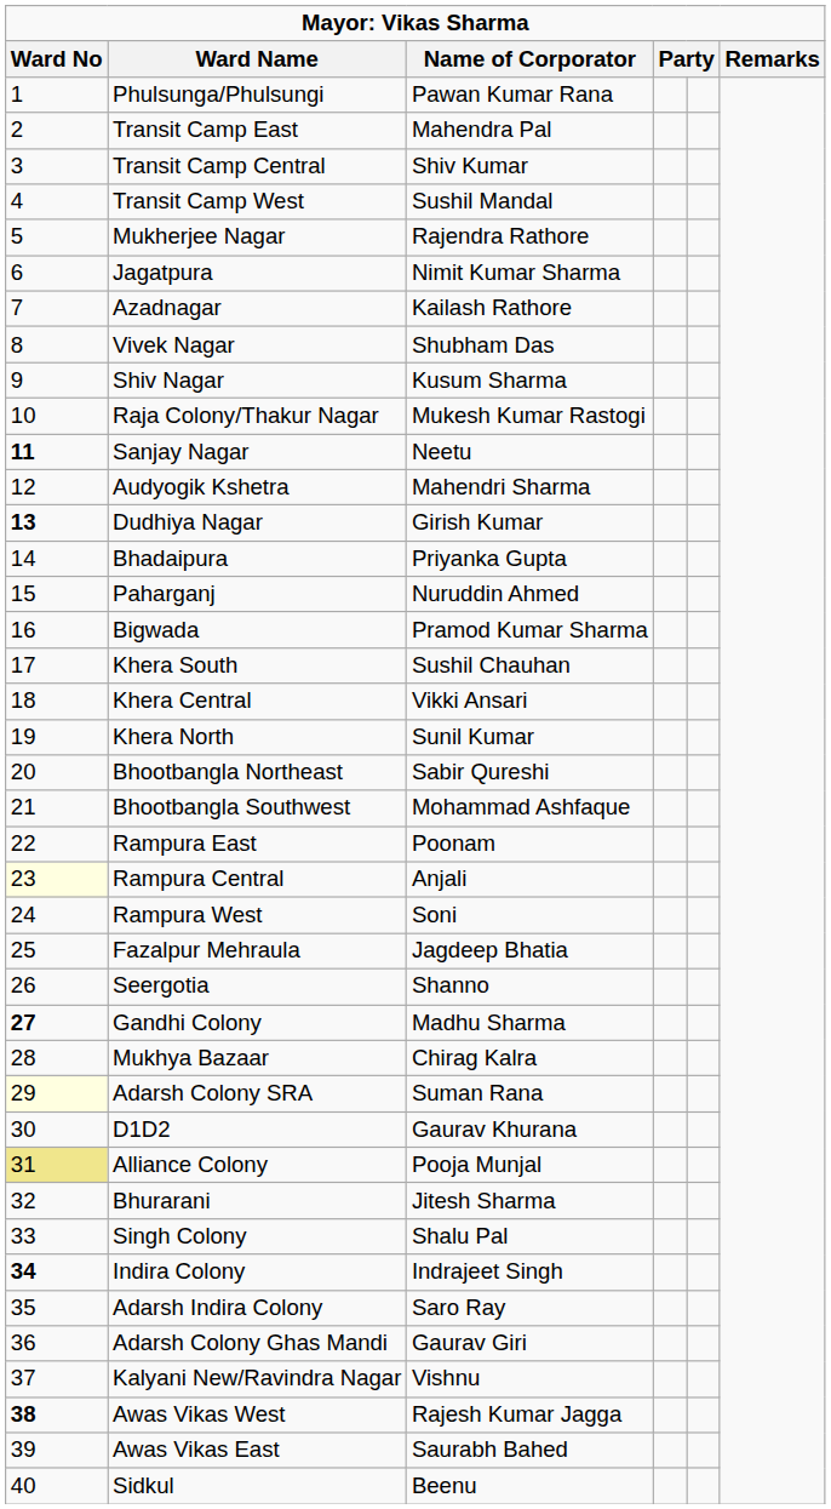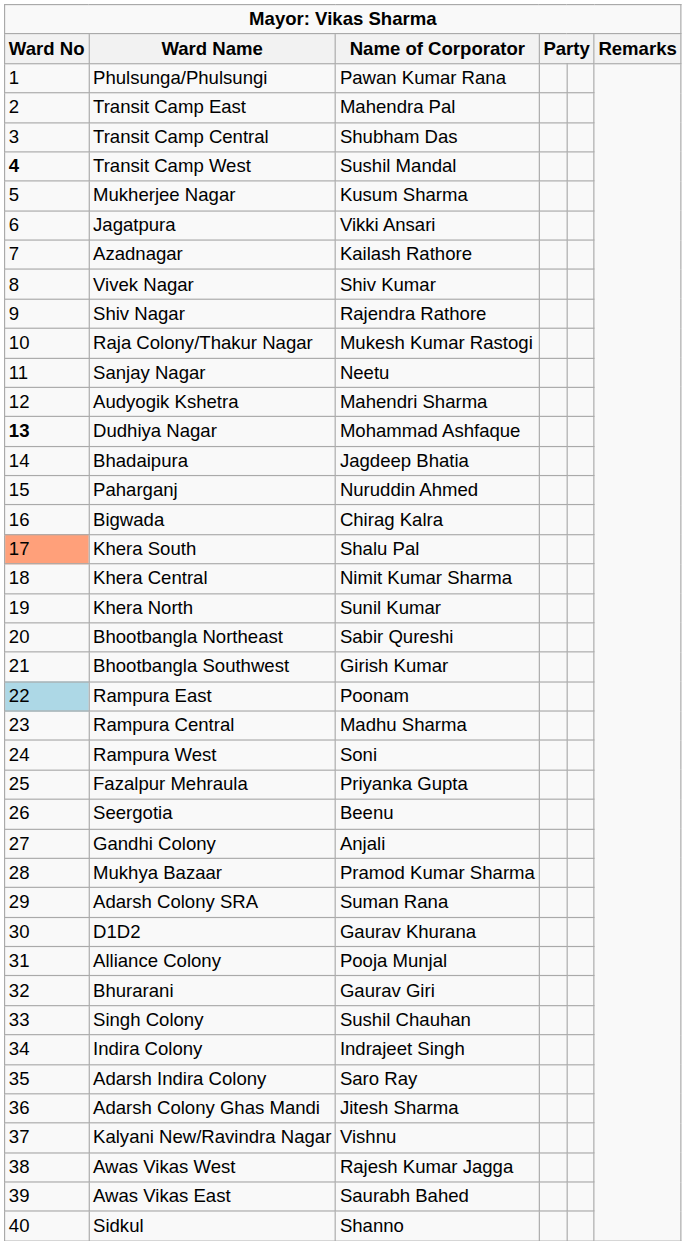 <table class="wikitable">
 <tr>
 <td colspan=6 align=center><span><strong>Mayor: Vikas Sharma</strong></span></td>
 </tr>
 <tr>
 <th>Ward No</th>
 <th>Ward Name</th>
 <th>Name of Corporator</th>
 <th colspan="2">Party</th>
 <th>Remarks</th>
 </tr>
 <tr>
 <td>1</td>
 <td>Phulsunga/Phulsungi</td>
 <td>Pawan Kumar Rana</td>
 <td></td>
 <td></td>
 </tr>
 <tr>
 <td>2</td>
 <td>Transit Camp East</td>
 <td>Mahendra Pal</td>
 <td></td>
 <td></td>
 </tr>
 <tr>
 <td>3</td>
 <td>Transit Camp Central</td>
-<td>Shiv Kumar</td>
+<td>Shubham Das</td>
 <td></td>
 <td></td>
 </tr>
 <tr>
-<td>4</td>
+<td><strong>4</strong></td>
 <td>Transit Camp West</td>
 <td>Sushil Mandal</td>
 <td></td>
 <td></td>
 </tr>
 <tr>
 <td>5</td>
 <td>Mukherjee Nagar</td>
-<td>Rajendra Rathore</td>
+<td>Kusum Sharma</td>
 <td></td>
 <td></td>
 </tr>
 <tr>
 <td>6</td>
 <td>Jagatpura</td>
-<td>Nimit Kumar Sharma</td>
+<td>Vikki Ansari</td>
 <td></td>
 <td></td>
 </tr>
 <tr>
 <td>7</td>
 <td>Azadnagar</td>
 <td>Kailash Rathore</td>
 <td></td>
 <td></td>
 </tr>
 <tr>
 <td>8</td>
 <td>Vivek Nagar</td>
-<td>Shubham Das</td>
+<td>Shiv Kumar</td>
 <td></td>
 <td></td>
 </tr>
 <tr>
 <td>9</td>
 <td>Shiv Nagar</td>
-<td>Kusum Sharma</td>
+<td>Rajendra Rathore</td>
 <td></td>
 <td></td>
 </tr>
 <tr>
 <td>10</td>
 <td>Raja Colony/Thakur Nagar</td>
 <td>Mukesh Kumar Rastogi</td>
 <td></td>
 <td></td>
 </tr>
 <tr>
-<td><strong>11</strong></td>
+<td>11</td>
 <td>Sanjay Nagar</td>
 <td>Neetu</td>
 <td></td>
 <td></td>
 </tr>
 <tr>
 <td>12</td>
 <td>Audyogik Kshetra</td>
 <td>Mahendri Sharma</td>
 <td></td>
 <td></td>
 </tr>
 <tr>
 <td><strong>13</strong></td>
 <td>Dudhiya Nagar</td>
-<td>Girish Kumar</td>
+<td>Mohammad Ashfaque</td>
 <td></td>
 <td></td>
 </tr>
 <tr>
 <td>14</td>
 <td>Bhadaipura</td>
-<td>Priyanka Gupta</td>
+<td>Jagdeep Bhatia</td>
 <td></td>
 <td></td>
 </tr>
 <tr>
 <td>15</td>
 <td>Paharganj</td>
 <td>Nuruddin Ahmed</td>
 <td></td>
 <td></td>
 </tr>
 <tr>
 <td>16</td>
 <td>Bigwada</td>
-<td>Pramod Kumar Sharma</td>
+<td>Chirag Kalra</td>
 <td></td>
 <td></td>
 </tr>
 <tr>
-<td>17</td>
+<td style="background: lightsalmon;">17</td>
 <td>Khera South</td>
-<td>Sushil Chauhan</td>
+<td>Shalu Pal</td>
 <td></td>
 <td></td>
 </tr>
 <tr>
 <td>18</td>
 <td>Khera Central</td>
-<td>Vikki Ansari</td>
+<td>Nimit Kumar Sharma</td>
 <td></td>
 <td></td>
 </tr>
 <tr>
 <td>19</td>
 <td>Khera North</td>
 <td>Sunil Kumar</td>
 <td></td>
 <td></td>
 </tr>
 <tr>
 <td>20</td>
 <td>Bhootbangla Northeast</td>
 <td>Sabir Qureshi</td>
 <td></td>
 <td></td>
 </tr>
 <tr>
 <td>21</td>
 <td>Bhootbangla Southwest</td>
-<td>Mohammad Ashfaque</td>
+<td>Girish Kumar</td>
 <td></td>
 <td></td>
 </tr>
 <tr>
-<td>22</td>
+<td style="background: lightblue;">22</td>
 <td>Rampura East</td>
 <td>Poonam</td>
 <td></td>
 <td></td>
 </tr>
 <tr>
-<td style="background: lightyellow;">23</td>
+<td>23</td>
 <td>Rampura Central</td>
-<td>Anjali</td>
+<td>Madhu Sharma</td>
 <td></td>
 <td></td>
 </tr>
 <tr>
 <td>24</td>
 <td>Rampura West</td>
 <td>Soni</td>
 <td></td>
 <td></td>
 </tr>
 <tr>
 <td>25</td>
 <td>Fazalpur Mehraula</td>
-<td>Jagdeep Bhatia</td>
+<td>Priyanka Gupta</td>
 <td></td>
 <td></td>
 </tr>
 <tr>
 <td>26</td>
 <td>Seergotia</td>
-<td>Shanno</td>
+<td>Beenu</td>
 <td></td>
 <td></td>
 </tr>
 <tr>
-<td><strong>27</strong></td>
+<td>27</td>
 <td>Gandhi Colony</td>
-<td>Madhu Sharma</td>
+<td>Anjali</td>
 <td></td>
 <td></td>
 </tr>
 <tr>
 <td>28</td>
 <td>Mukhya Bazaar</td>
-<td>Chirag Kalra</td>
+<td>Pramod Kumar Sharma</td>
 <td></td>
 <td></td>
 </tr>
 <tr>
-<td style="background: lightyellow;">29</td>
+<td>29</td>
 <td>Adarsh Colony SRA</td>
 <td>Suman Rana</td>
 <td></td>
 <td></td>
 </tr>
 <tr>
 <td>30</td>
 <td>D1D2</td>
 <td>Gaurav Khurana</td>
 <td></td>
 <td></td>
 </tr>
 <tr>
-<td style="background: khaki;">31</td>
+<td>31</td>
 <td>Alliance Colony</td>
 <td>Pooja Munjal</td>
 <td></td>
 <td></td>
 </tr>
 <tr>
 <td>32</td>
 <td>Bhurarani</td>
-<td>Jitesh Sharma</td>
+<td>Gaurav Giri</td>
 <td></td>
 <td></td>
 </tr>
 <tr>
 <td>33</td>
 <td>Singh Colony</td>
-<td>Shalu Pal</td>
+<td>Sushil Chauhan</td>
 <td></td>
 <td></td>
 </tr>
 <tr>
-<td><strong>34</strong></td>
+<td>34</td>
 <td>Indira Colony</td>
 <td>Indrajeet Singh</td>
 <td></td>
 <td></td>
 </tr>
 <tr>
 <td>35</td>
 <td>Adarsh Indira Colony</td>
 <td>Saro Ray</td>
 <td></td>
 <td></td>
 </tr>
 <tr>
 <td>36</td>
 <td>Adarsh Colony Ghas Mandi</td>
-<td>Gaurav Giri</td>
+<td>Jitesh Sharma</td>
 <td></td>
 <td></td>
 </tr>
 <tr>
 <td>37</td>
 <td>Kalyani New/Ravindra Nagar</td>
 <td>Vishnu</td>
 <td></td>
 <td></td>
 </tr>
 <tr>
-<td><strong>38</strong></td>
+<td>38</td>
 <td>Awas Vikas West</td>
 <td>Rajesh Kumar Jagga</td>
 <td></td>
 <td></td>
 </tr>
 <tr>
 <td>39</td>
 <td>Awas Vikas East</td>
 <td>Saurabh Bahed</td>
 <td></td>
 <td></td>
 </tr>
 <tr>
 <td>40</td>
 <td>Sidkul</td>
-<td>Beenu</td>
+<td>Shanno</td>
 <td></td>
 <td></td>
 </tr>
 </table>
